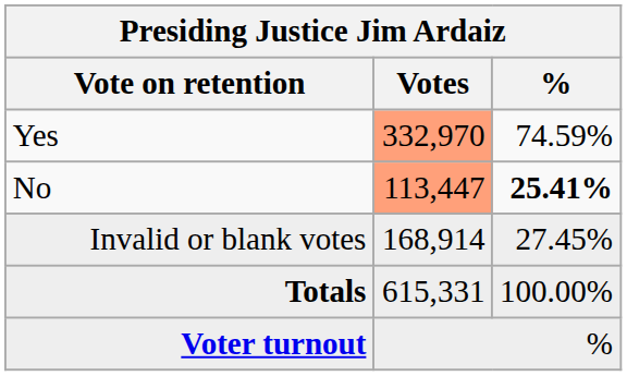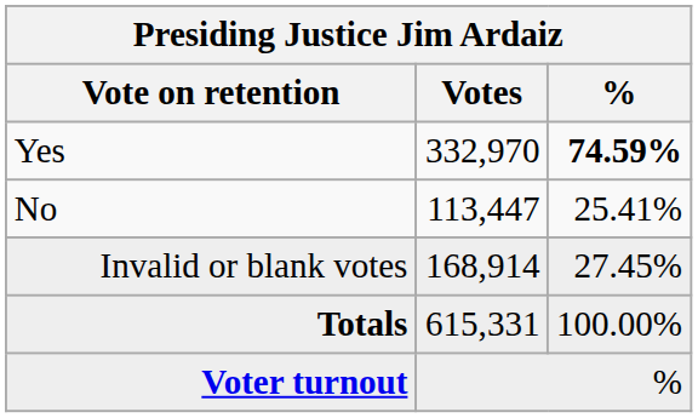 <table class="wikitable" style="font-size: 95%;">
 <tr style="background-color:#E9E9E9">
 <th colspan=7>Presiding Justice Jim Ardaiz</th>
 </tr>
 <tr style="background-color:#E9E9E9">
 <th style="width: 170px">Vote on retention</th>
 <th style="width: 50px">Votes</th>
 <th style="width: 40px">%</th>
 </tr>
 <tr>
 <td>Yes</td>
-<td align="right" style="background: lightsalmon;">332,970</td>
-<td align="right">74.59%</td>
+<td align="right">332,970</td>
+<td align="right"><strong>74.59%</strong></td>
 </tr>
 <tr>
 <td>No</td>
-<td align="right" style="background: lightsalmon;">113,447</td>
-<td align="right"><strong>25.41%</strong></td>
+<td align="right">113,447</td>
+<td align="right">25.41%</td>
 </tr>
 <tr style="background-color:#EEEEEE">
 <td align="right">Invalid or blank votes</td>
 <td align="right">168,914</td>
 <td align="right">27.45%</td>
 </tr>
 <tr style="background-color:#EEEEEE">
 <td colspan="1" align="right"><strong>Totals</strong></td>
 <td align="right">615,331</td>
 <td align="right">100.00%</td>
 </tr>
 <tr style="background-color:#EEEEEE">
 <td align="right"><strong><a href='#'>Voter turnout</a></strong></td>
 <td colspan="2" align="right">%</td>
 </tr>
 </table>
